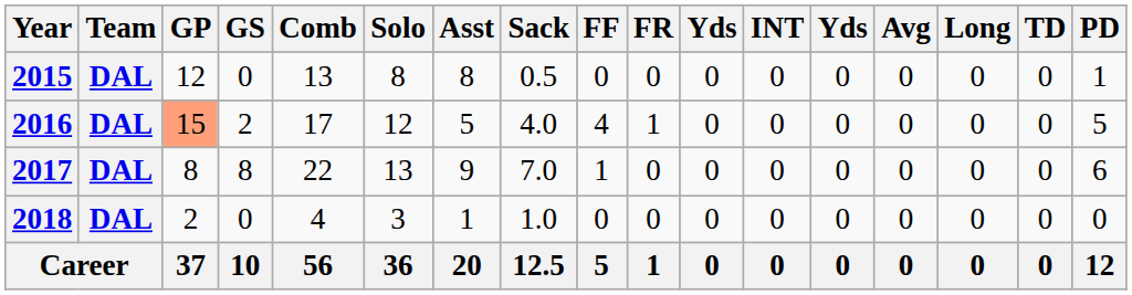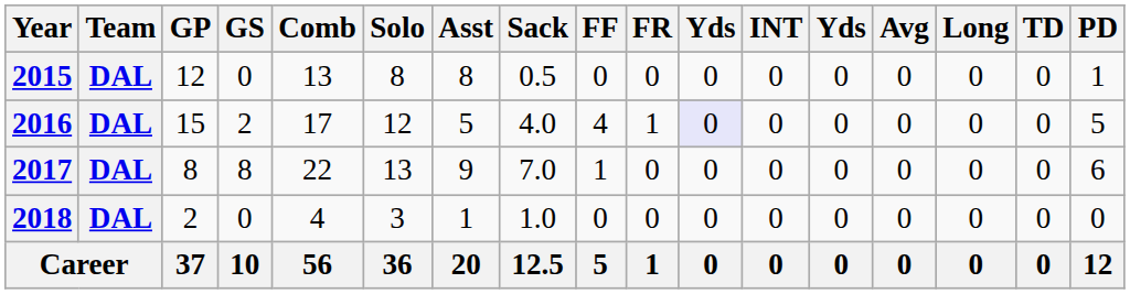 <table class="wikitable" style="text-align:center">
 <tr>
 <th>Year</th>
 <th>Team</th>
 <th>GP</th>
 <th>GS</th>
 <th>Comb</th>
 <th>Solo</th>
 <th>Asst</th>
 <th>Sack</th>
 <th>FF</th>
 <th>FR</th>
 <th>Yds</th>
 <th>INT</th>
 <th>Yds</th>
 <th>Avg</th>
 <th>Long</th>
 <th>TD</th>
 <th>PD</th>
 </tr>
 <tr>
 <th><a href='#'>2015</a></th>
 <th><a href='#'>DAL</a></th>
 <td>12</td>
 <td>0</td>
 <td>13</td>
 <td>8</td>
 <td>8</td>
 <td>0.5</td>
 <td>0</td>
 <td>0</td>
 <td>0</td>
 <td>0</td>
 <td>0</td>
 <td>0</td>
 <td>0</td>
 <td>0</td>
 <td>1</td>
 </tr>
 <tr>
 <th><a href='#'>2016</a></th>
 <th><a href='#'>DAL</a></th>
-<td style="background: lightsalmon;">15</td>
+<td>15</td>
 <td>2</td>
 <td>17</td>
 <td>12</td>
 <td>5</td>
 <td>4.0</td>
 <td>4</td>
 <td>1</td>
-<td>0</td>
+<td style="background: lavender;">0</td>
 <td>0</td>
 <td>0</td>
 <td>0</td>
 <td>0</td>
 <td>0</td>
 <td>5</td>
 </tr>
 <tr>
 <th><a href='#'>2017</a></th>
 <th><a href='#'>DAL</a></th>
 <td>8</td>
 <td>8</td>
 <td>22</td>
 <td>13</td>
 <td>9</td>
 <td>7.0</td>
 <td>1</td>
 <td>0</td>
 <td>0</td>
 <td>0</td>
 <td>0</td>
 <td>0</td>
 <td>0</td>
 <td>0</td>
 <td>6</td>
 </tr>
 <tr>
 <th><a href='#'>2018</a></th>
 <th><a href='#'>DAL</a></th>
 <td>2</td>
 <td>0</td>
 <td>4</td>
 <td>3</td>
 <td>1</td>
 <td>1.0</td>
 <td>0</td>
 <td>0</td>
 <td>0</td>
 <td>0</td>
 <td>0</td>
 <td>0</td>
 <td>0</td>
 <td>0</td>
 <td>0</td>
 </tr>
 <tr>
 <th colspan=2>Career</th>
 <th>37</th>
 <th>10</th>
 <th>56</th>
 <th>36</th>
 <th>20</th>
 <th>12.5</th>
 <th>5</th>
 <th>1</th>
 <th>0</th>
 <th>0</th>
 <th>0</th>
 <th>0</th>
 <th>0</th>
 <th>0</th>
 <th>12</th>
 </tr>
 </table>
